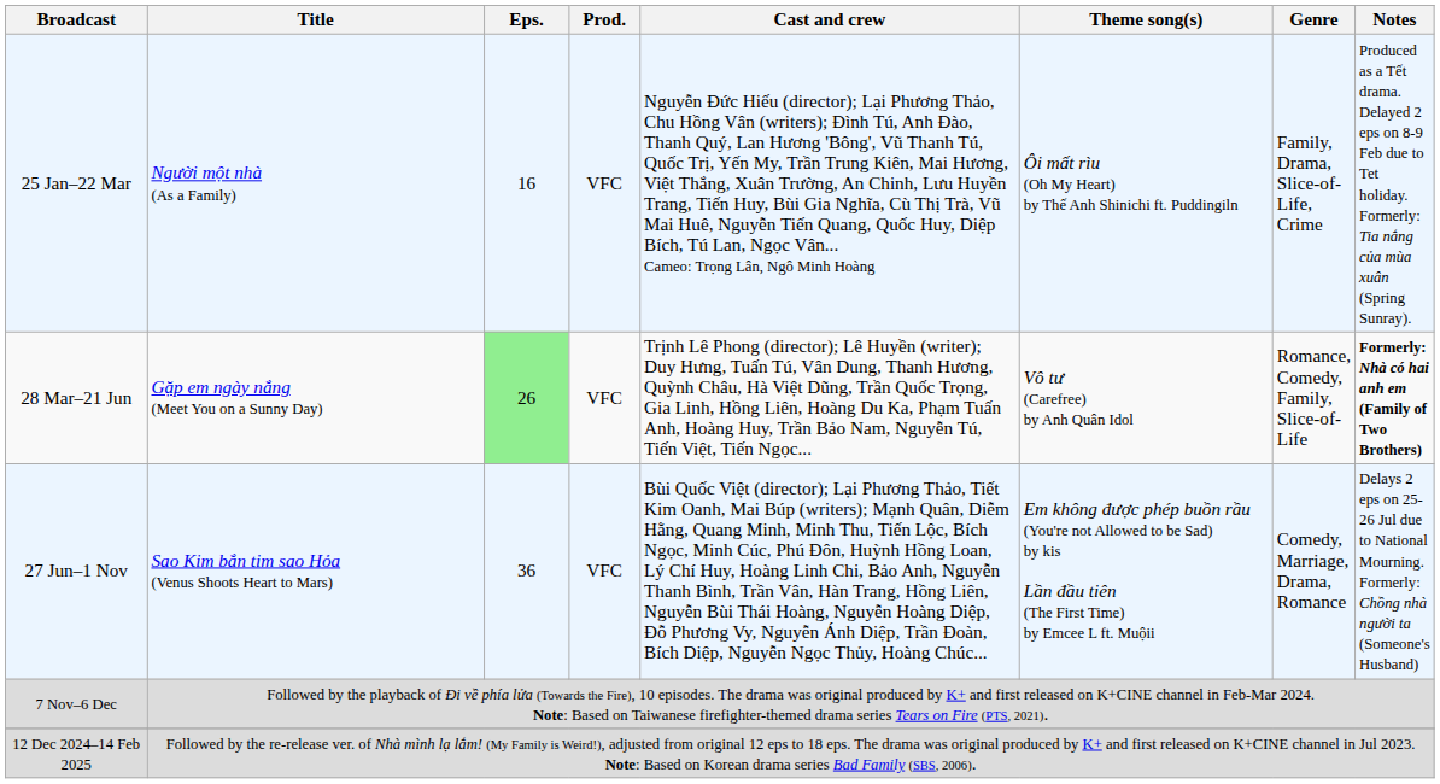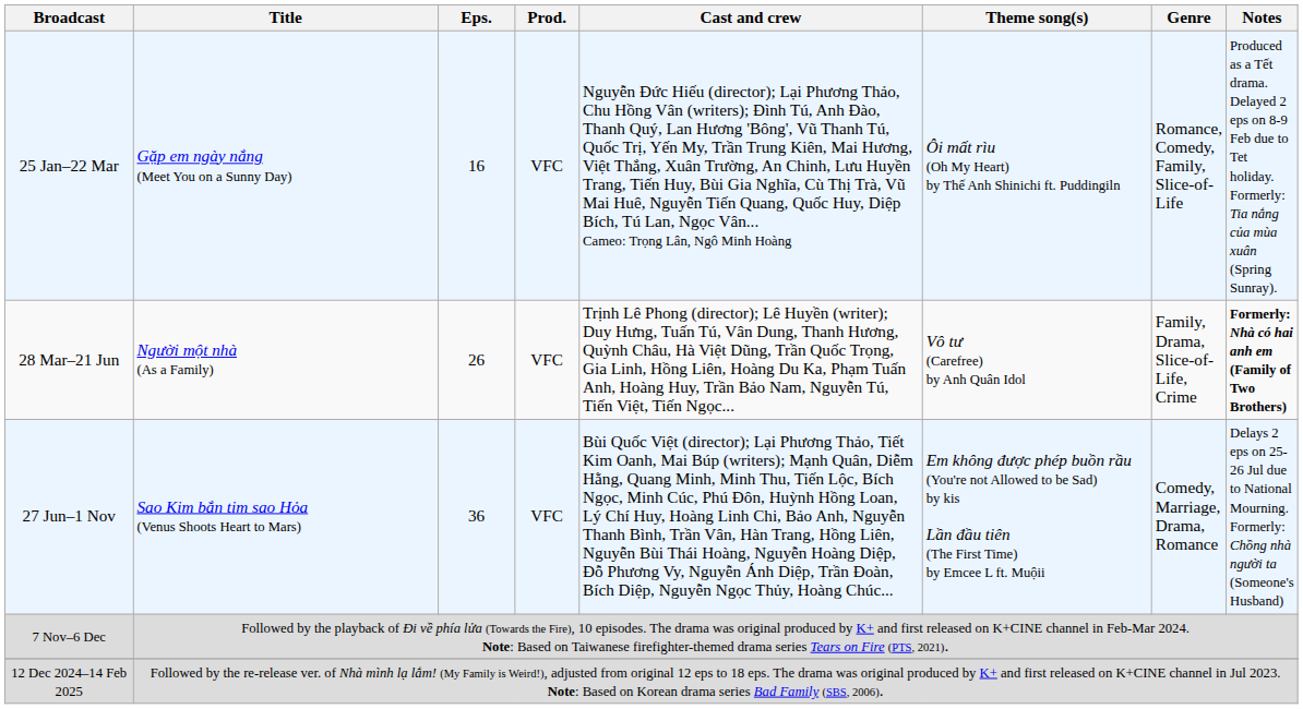 <table class="wikitable sortable">
 <tr>
 <th style="width:10%;">Broadcast</th>
 <th style="width:24%;">Title</th>
 <th style="width:6%;">Eps.</th>
 <th style="width:5%;">Prod.</th>
 <th style="width:27%;">Cast and crew</th>
 <th style="width:18%;">Theme song(s)</th>
 <th style="width:5%;">Genre</th>
 <th style="width:5%;">Notes</th>
 </tr>
 <tr ---- bgcolor="#ebf5ff">
 <td style="text-align:center;">25 Jan–22 Mar<br></td>
-<td><em><a href='#'>Người một nhà</a></em><br><small>(As a Family)</small></td>
+<td><em><a href='#'>Gặp em ngày nắng</a></em><br><small>(Meet You on a Sunny Day)</small></td>
 <td style="text-align:center;">16</td>
 <td style="text-align:center;">VFC</td>
 <td>Nguyễn Đức Hiếu (director); Lại Phương Thảo, Chu Hồng Vân (writers); Đình Tú, Anh Đào, Thanh Quý, Lan Hương 'Bông', Vũ Thanh Tú, Quốc Trị, Yến My, Trần Trung Kiên, Mai Hương, Việt Thắng, Xuân Trường, An Chinh, Lưu Huyền Trang, Tiến Huy, Bùi Gia Nghĩa, Cù Thị Trà, Vũ Mai Huê, Nguyễn Tiến Quang, Quốc Huy, Diệp Bích, Tú Lan, Ngọc Vân...<br><small>Cameo: Trọng Lân, Ngô Minh Hoàng</small></td>
 <td><em>Ôi mất rìu</em><br><small>(Oh My Heart)<br> by Thế Anh Shinichi ft. Puddingiln</small></td>
-<td>Family, Drama, Slice-of-Life, Crime</td>
+<td>Romance, Comedy, Family, Slice-of-Life</td>
 <td><small>Produced as a Tết drama. Delayed 2 eps on 8-9 Feb due to Tet holiday.</small><br><small>Formerly: <em>Tia nắng của mùa xuân</em> (Spring Sunray).</small></td>
 </tr>
 <tr>
 <td style="text-align:center;">28 Mar–21 Jun<br></td>
-<td><em><a href='#'>Gặp em ngày nắng</a></em><br><small>(Meet You on a Sunny Day)</small></td>
-<td style="background: lightgreen; text-align:center;">26</td>
+<td><em><a href='#'>Người một nhà</a></em><br><small>(As a Family)</small></td>
+<td style="text-align:center;">26</td>
 <td style="text-align:center;">VFC</td>
 <td>Trịnh Lê Phong (director); Lê Huyền (writer); Duy Hưng, Tuấn Tú, Vân Dung, Thanh Hương, Quỳnh Châu, Hà Việt Dũng, Trần Quốc Trọng, Gia Linh, Hồng Liên, Hoàng Du Ka, Phạm Tuấn Anh, Hoàng Huy, Trần Bảo Nam, Nguyễn Tú, Tiến Việt, Tiến Ngọc...</td>
 <td><em>Vô tư</em><br><small>(Carefree)<br>by Anh Quân Idol</small></td>
-<td>Romance, Comedy, Family, Slice-of-Life</td>
+<td>Family, Drama, Slice-of-Life, Crime</td>
 <td><strong><small>Formerly: <em>Nhà có hai anh em</em> (Family of Two Brothers)</small></strong></td>
 </tr>
 <tr ---- bgcolor="#ebf5ff">
 <td style="text-align:center;">27 Jun–1 Nov<br></td>
 <td><em><a href='#'>Sao Kim bắn tim sao Hỏa</a></em><br><small>(Venus Shoots Heart to Mars)</small></td>
 <td style="text-align:center;">36</td>
 <td style="text-align:center;">VFC</td>
 <td>Bùi Quốc Việt (director); Lại Phương Thảo, Tiết Kim Oanh, Mai Búp (writers); Mạnh Quân, Diễm Hằng, Quang Minh, Minh Thu, Tiến Lộc, Bích Ngọc, Minh Cúc, Phú Đôn, Huỳnh Hồng Loan, Lý Chí Huy, Hoàng Linh Chi, Bảo Anh, Nguyễn Thanh Bình, Trần Vân, Hàn Trang, Hồng Liên, Nguyễn Bùi Thái Hoàng, Nguyễn Hoàng Diệp, Đỗ Phương Vy, Nguyễn Ánh Diệp, Trần Đoàn, Bích Diệp, Nguyễn Ngọc Thủy, Hoàng Chúc...</td>
 <td><em>Em không được phép buồn rầu</em><br><small>(You're not Allowed to be Sad)<br>by kis</small><br><br><em>Lần đầu tiên</em><br><small>(The First Time)<br>by Emcee L ft. Muộii</small></td>
 <td>Comedy, Marriage, Drama, Romance</td>
 <td><small>Delays 2 eps on 25-26 Jul due to National Mourning.</small><br><small>Formerly: <em>Chồng nhà người ta</em> (Someone's Husband)</small></td>
 </tr>
 <tr ---- bgcolor="#DCDCDC">
 <td style="text-align:center;"><small>7 Nov–6 Dec</small></td>
 <td colspan="7" align=center><small>Followed by the playback of <em>Đi về phía lửa</em> <small>(Towards the Fire)</small>, 10 episodes. The drama was original produced by <a href='#'>K+</a> and first released on K+CINE channel in Feb-Mar 2024.</small><br><small><strong>Note</strong>: Based on Taiwanese firefighter-themed drama series <em><a href='#'>Tears on Fire</a></em> <small>(<a href='#'>PTS</a>, 2021)</small></small>.</td>
 </tr>
 <tr>
 </tr>
 <tr ---- bgcolor="#DCDCDC">
 <td style="text-align:center;"><small>12 Dec 2024–14 Feb 2025</small></td>
 <td colspan="7" align=center><small>Followed by the re-release ver. of <em>Nhà mình lạ lắm!</em> <small>(My Family is Weird!)</small>, adjusted from original 12 eps to 18 eps. The drama was original produced by <a href='#'>K+</a> and first released on K+CINE channel in Jul 2023.</small><br><small><strong>Note</strong>: Based on Korean drama series <em><a href='#'>Bad Family</a></em> <small>(<a href='#'>SBS</a>, 2006)</small></small>.</td>
 </tr>
 </table>
